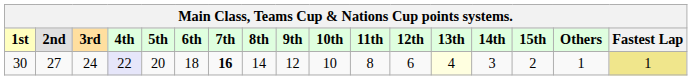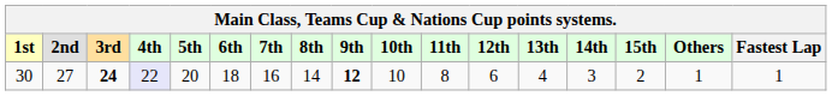 <table class="wikitable" style="font-size:95%; text-align:center">
 <tr>
 <th colspan="19">Main Class, Teams Cup & Nations Cup points systems.</th>
 </tr>
 <tr>
 <td style="background:#ffffbf;"> <strong>1st</strong> </td>
 <td style="background:#dfdfdf;"> <strong>2nd</strong> </td>
 <td style="background:#ffdf9f;"> <strong>3rd</strong> </td>
 <td style="background:#dfffdf;"> <strong>4th</strong> </td>
 <td style="background:#dfffdf;"> <strong>5th</strong> </td>
 <td style="background:#dfffdf;"> <strong>6th</strong> </td>
 <td style="background:#dfffdf;"> <strong>7th</strong> </td>
 <td style="background:#dfffdf;"> <strong>8th</strong> </td>
 <td style="background:#dfffdf;"> <strong>9th</strong> </td>
 <td style="background:#dfffdf;"> <strong>10th</strong> </td>
 <td style="background:#dfffdf;"> <strong>11th</strong> </td>
 <td style="background:#dfffdf;"> <strong>12th</strong> </td>
 <td style="background:#dfffdf;"> <strong>13th</strong> </td>
 <td style="background:#dfffdf;"> <strong>14th</strong> </td>
 <td style="background:#dfffdf;"> <strong>15th</strong> </td>
 <td style="background:#dfffdf;"> <strong>Others</strong> </td>
 <th>Fastest Lap</th>
 </tr>
 <tr>
 <td>30</td>
 <td>27</td>
-<td>24</td>
+<td><strong>24</strong></td>
 <td style="background: lavender;">22</td>
 <td>20</td>
 <td>18</td>
-<td><strong>16</strong></td>
+<td>16</td>
 <td>14</td>
-<td>12</td>
+<td><strong>12</strong></td>
 <td>10</td>
 <td>8</td>
 <td>6</td>
-<td style="background: lightyellow;">4</td>
+<td>4</td>
 <td>3</td>
 <td>2</td>
 <td>1</td>
-<td style="background: khaki;">1</td>
+<td>1</td>
 </tr>
 </table>
